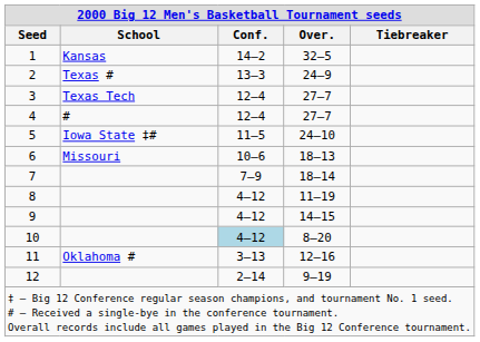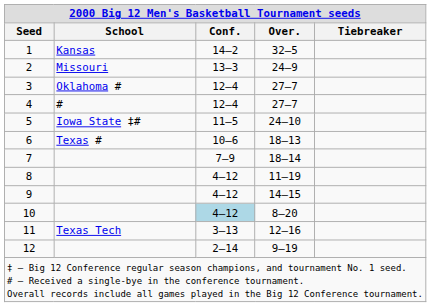 <table class="wikitable" style="white-space:nowrap; font-size:90%;text-align:center">
 <tr>
 <td colspan="10" style="text-align:center; background:#DDDDDD; font:#000000"><strong><a href='#'>2000 Big 12 Men's Basketball Tournament seeds</a></strong></td>
 </tr>
 <tr bgcolor="#efefef">
 <th>Seed</th>
 <th>School</th>
 <th>Conf.</th>
 <th>Over.</th>
 <th>Tiebreaker</th>
 </tr>
 <tr>
 <td>1</td>
 <td align=left><a href='#'>Kansas</a></td>
 <td>14–2</td>
 <td>32–5</td>
 <td></td>
 </tr>
 <tr>
 <td>2</td>
-<td align=left><a href='#'>Texas</a> #</td>
+<td align=left><a href='#'>Missouri</a></td>
 <td>13–3</td>
 <td>24–9</td>
 <td></td>
 </tr>
 <tr>
 <td>3</td>
-<td align=left><a href='#'>Texas Tech</a></td>
+<td align=left><a href='#'>Oklahoma</a> #</td>
 <td>12–4</td>
 <td>27–7</td>
 <td></td>
 </tr>
 <tr>
 <td>4</td>
 <td align=left> #</td>
 <td>12–4</td>
 <td>27–7</td>
 <td></td>
 </tr>
 <tr>
 <td>5</td>
 <td align=left><a href='#'>Iowa State</a> ‡#</td>
 <td>11–5</td>
 <td>24–10</td>
 <td></td>
 </tr>
 <tr>
 <td>6</td>
-<td align=left><a href='#'>Missouri</a></td>
+<td align=left><a href='#'>Texas</a> #</td>
 <td>10–6</td>
 <td>18–13</td>
 <td></td>
 </tr>
 <tr>
 <td>7</td>
 <td align=left></td>
 <td>7–9</td>
 <td>18–14</td>
 <td></td>
 </tr>
 <tr>
 <td>8</td>
 <td align=left></td>
 <td>4–12</td>
 <td>11–19</td>
 <td></td>
 </tr>
 <tr>
 <td>9</td>
 <td align=left></td>
 <td>4–12</td>
 <td>14–15</td>
 <td></td>
 </tr>
 <tr>
 <td>10</td>
 <td align=left></td>
 <td style="background: lightblue;">4–12</td>
 <td>8–20</td>
 <td></td>
 </tr>
 <tr>
 <td>11</td>
-<td align=left><a href='#'>Oklahoma</a> #</td>
+<td align=left><a href='#'>Texas Tech</a></td>
 <td>3–13</td>
 <td>12–16</td>
 <td></td>
 </tr>
 <tr>
 <td>12</td>
 <td align=left></td>
 <td>2–14</td>
 <td>9–19</td>
 <td></td>
 </tr>
 <tr>
 <td colspan="10" style="text-align:left;"><small>‡ – Big 12 Conference regular season champions, and tournament No. 1 seed.<br># – Received a single-bye in the conference tournament.<br>Overall records include all games played in the Big 12 Conference tournament.</small></td>
 </tr>
 </table>
